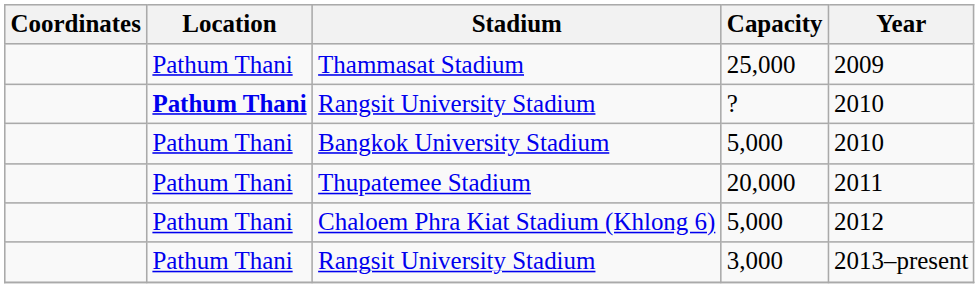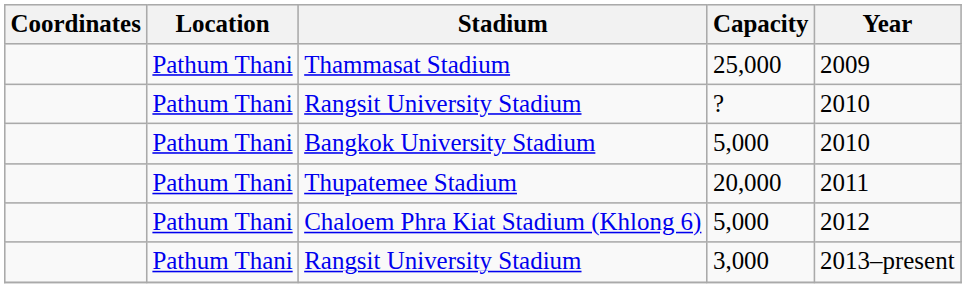 <table class="wikitable sortable">
 <tr>
 <th>Coordinates</th>
 <th>Location</th>
 <th>Stadium</th>
 <th>Capacity</th>
 <th>Year</th>
 </tr>
 <tr>
 <td></td>
 <td><a href='#'>Pathum Thani</a></td>
 <td><a href='#'>Thammasat Stadium</a></td>
 <td>25,000</td>
 <td>2009</td>
 </tr>
 <tr>
 <td></td>
-<td><strong><a href='#'>Pathum Thani</a></strong></td>
+<td><a href='#'>Pathum Thani</a></td>
 <td><a href='#'>Rangsit University Stadium</a></td>
 <td>?</td>
 <td>2010</td>
 </tr>
 <tr>
 <td></td>
 <td><a href='#'>Pathum Thani</a></td>
 <td><a href='#'>Bangkok University Stadium</a></td>
 <td>5,000</td>
 <td>2010</td>
 </tr>
 <tr>
 <td></td>
 <td><a href='#'>Pathum Thani</a></td>
 <td><a href='#'>Thupatemee Stadium</a></td>
 <td>20,000</td>
 <td>2011</td>
 </tr>
 <tr>
 <td></td>
 <td><a href='#'>Pathum Thani</a></td>
 <td><a href='#'>Chaloem Phra Kiat Stadium (Khlong 6)</a></td>
 <td>5,000</td>
 <td>2012</td>
 </tr>
 <tr>
 <td></td>
 <td><a href='#'>Pathum Thani</a></td>
 <td><a href='#'>Rangsit University Stadium</a></td>
 <td>3,000</td>
 <td>2013–present</td>
 </tr>
 <tr>
 </tr>
 </table>
